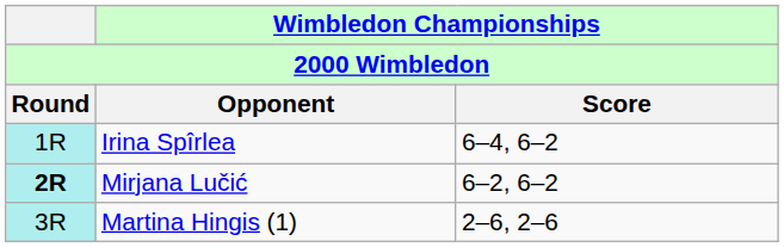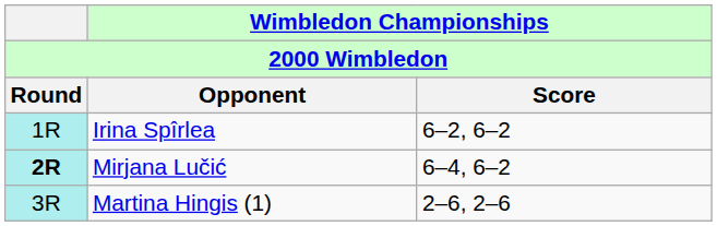 <table class="wikitable collapsible collapsed">
 <tr>
 <th></th>
 <th colspan=2 style="background:#cfc;"><a href='#'>Wimbledon Championships</a></th>
 </tr>
 <tr>
 <th colspan=3 style="background:#cfc;"><a href='#'>2000 Wimbledon</a></th>
 </tr>
 <tr>
 <th>Round</th>
 <th width=225>Opponent</th>
 <th width=200>Score</th>
 </tr>
 <tr>
 <td style="text-align:center; background:#afeeee;">1R</td>
 <td> <a href='#'>Irina Spîrlea</a></td>
-<td>6–4, 6–2</td>
+<td>6–2, 6–2</td>
 </tr>
 <tr>
 <td style="text-align:center; background:#afeeee;"><strong>2R</strong></td>
 <td> <a href='#'>Mirjana Lučić</a></td>
-<td>6–2, 6–2</td>
+<td>6–4, 6–2</td>
 </tr>
 <tr>
 <td style="text-align:center; background:#afeeee;">3R</td>
 <td> <a href='#'>Martina Hingis</a> (1)</td>
 <td>2–6, 2–6</td>
 </tr>
 </table>
